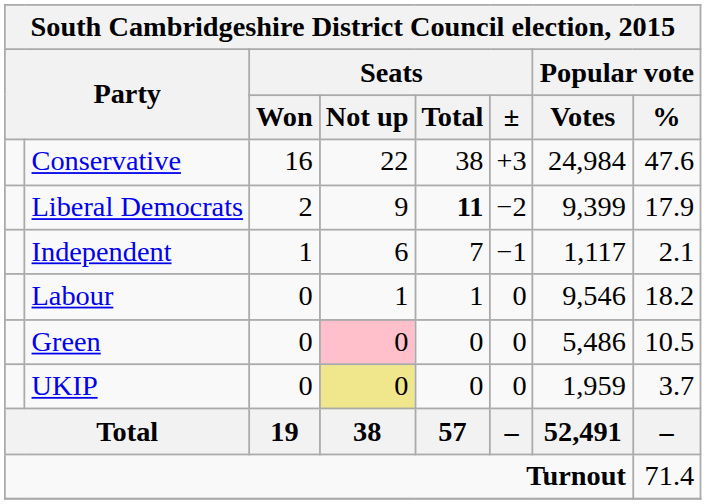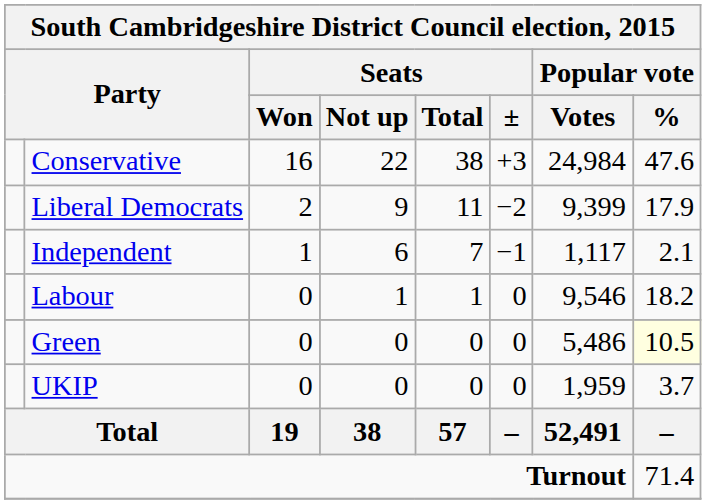 <table class="wikitable">
 <tr>
 <th colspan="8"><strong>South Cambridgeshire District Council election, 2015</strong></th>
 </tr>
 <tr>
 <th rowspan="2" colspan="2">Party</th>
 <th colspan="4">Seats</th>
 <th colspan="2">Popular vote</th>
 </tr>
 <tr>
 <th>Won</th>
 <th>Not up</th>
 <th>Total</th>
 <th>±</th>
 <th>Votes</th>
 <th>%</th>
 </tr>
 <tr>
 <td style="background-color: "> </td>
 <td><a href='#'>Conservative</a></td>
 <td align=right>16</td>
 <td align=right>22</td>
 <td align=right>38</td>
 <td align=right>+3</td>
 <td align=right>24,984</td>
 <td align=right>47.6</td>
 </tr>
 <tr>
 <td style="background-color: "> </td>
 <td><a href='#'>Liberal Democrats</a></td>
 <td align=right>2</td>
 <td align=right>9</td>
-<td align=right><strong>11</strong></td>
+<td align=right>11</td>
 <td align=right>−2</td>
 <td align=right>9,399</td>
 <td align=right>17.9</td>
 </tr>
 <tr>
 <td style="background-color: "> </td>
 <td><a href='#'>Independent</a></td>
 <td align=right>1</td>
 <td align=right>6</td>
 <td align=right>7</td>
 <td align=right>−1</td>
 <td align=right>1,117</td>
 <td align=right>2.1</td>
 </tr>
 <tr>
 <td style="background-color: "> </td>
 <td><a href='#'>Labour</a></td>
 <td align=right>0</td>
 <td align=right>1</td>
 <td align=right>1</td>
 <td align=right>0</td>
 <td align=right>9,546</td>
 <td align=right>18.2</td>
 </tr>
 <tr>
 <td style="background-color: "> </td>
 <td><a href='#'>Green</a></td>
 <td align=right>0</td>
-<td align=right style="background: pink;">0</td>
+<td align=right>0</td>
 <td align=right>0</td>
 <td align=right>0</td>
 <td align=right>5,486</td>
-<td align=right>10.5</td>
+<td align=right style="background: lightyellow;">10.5</td>
 </tr>
 <tr>
 <td style="background-color: "> </td>
 <td><a href='#'>UKIP</a></td>
 <td align=right>0</td>
-<td align=right style="background: khaki;">0</td>
+<td align=right>0</td>
 <td align=right>0</td>
 <td align=right>0</td>
 <td align=right>1,959</td>
 <td align=right>3.7</td>
 </tr>
 <tr>
 <th colspan="2">Total</th>
 <th align=right>19</th>
 <th align=right>38</th>
 <th align=right>57</th>
 <th align=right>–</th>
 <th align=right>52,491</th>
 <th align=right>–</th>
 </tr>
 <tr>
 <td colspan="7" align=right><strong>Turnout</strong></td>
 <td align=right>71.4</td>
 </tr>
 <tr>
 </tr>
 </table>
